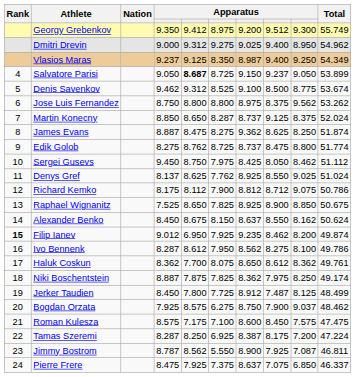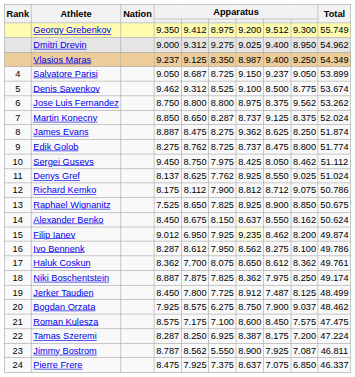 <table class="wikitable" style="font-size:90%">
 <tr>
 <th rowspan=2>Rank</th>
 <th rowspan=2>Athlete</th>
 <th rowspan=2>Nation</th>
 <th colspan =6>Apparatus</th>
 <th rowspan=2>Total</th>
 </tr>
 <tr style="font-size:95%">
 <th></th>
 <th></th>
 <th></th>
 <th></th>
 <th></th>
 <th></th>
 </tr>
 <tr align=center bgcolor=fffcaf>
 <td></td>
 <td align=left><a href='#'>Georgy Grebenkov</a></td>
 <td align=left>     </td>
 <td>9.350</td>
 <td>9.412</td>
 <td>8.975</td>
 <td>9.200</td>
 <td>9.512</td>
 <td>9.300</td>
 <td>55.749</td>
 </tr>
 <tr align=center bgcolor=e5e5e5>
 <td></td>
 <td align=left><a href='#'>Dmitri Drevin</a></td>
 <td align=left></td>
 <td>9.000</td>
 <td>9.312</td>
 <td>9.275</td>
 <td>9.025</td>
 <td>9.400</td>
 <td>8.950</td>
 <td>54.962</td>
 </tr>
 <tr align=center bgcolor=eecc99>
 <td></td>
 <td align=left><a href='#'>Vlasios Maras</a></td>
 <td align=left></td>
 <td>9.237</td>
 <td>9.125</td>
 <td>8.350</td>
 <td>8.987</td>
 <td>9.400</td>
 <td>9.250</td>
 <td>54.349</td>
 </tr>
 <tr align=center>
 <td>4</td>
 <td align=left><a href='#'>Salvatore Parisi</a></td>
 <td align=left></td>
 <td>9.050</td>
-<td><strong>8.687</strong></td>
+<td>8.687</td>
 <td>8.725</td>
 <td>9.150</td>
 <td>9.237</td>
 <td>9.050</td>
 <td>53.899</td>
 </tr>
 <tr align=center>
 <td>5</td>
 <td align=left><a href='#'>Denis Savenkov</a></td>
 <td align=left></td>
 <td>9.462</td>
 <td>9.312</td>
 <td>8.525</td>
 <td>9.100</td>
 <td>8.500</td>
 <td>8.775</td>
 <td>53.674</td>
 </tr>
 <tr align=center>
 <td>6</td>
 <td align=left><a href='#'>Jose Luis Fernandez</a></td>
 <td align=left></td>
 <td>8.750</td>
 <td>8.800</td>
 <td>8.800</td>
 <td>8.975</td>
 <td>8.375</td>
 <td>9.562</td>
 <td>53.262</td>
 </tr>
 <tr align=center>
 <td>7</td>
 <td align=left><a href='#'>Martin Konecny</a></td>
 <td align=left></td>
 <td>8.850</td>
 <td>8.650</td>
 <td>8.287</td>
 <td>8.737</td>
 <td>9.125</td>
 <td>8.375</td>
 <td>52.024</td>
 </tr>
 <tr align=center>
 <td>8</td>
 <td align=left><a href='#'>James Evans</a></td>
 <td align=left></td>
 <td>8.887</td>
 <td>8.475</td>
 <td>8.275</td>
 <td>9.362</td>
 <td>8.625</td>
 <td>8.250</td>
 <td>51.874</td>
 </tr>
 <tr align=center>
 <td>9</td>
 <td align=left><a href='#'>Edik Golob</a></td>
 <td align=left></td>
 <td>8.275</td>
 <td>8.762</td>
 <td>8.725</td>
 <td>8.737</td>
 <td>8.475</td>
 <td>8.800</td>
 <td>51.774</td>
 </tr>
 <tr align=center>
 <td>10</td>
 <td align=left><a href='#'>Sergei Gusevs</a></td>
 <td align=left></td>
 <td>9.450</td>
 <td>8.750</td>
 <td>7.975</td>
 <td>8.425</td>
 <td>8.050</td>
 <td>8.462</td>
 <td>51.112</td>
 </tr>
 <tr align=center>
 <td>11</td>
 <td align=left><a href='#'>Denys Gref</a></td>
 <td align=left></td>
 <td>8.137</td>
 <td>8.625</td>
 <td>7.762</td>
 <td>8.925</td>
 <td>8.550</td>
 <td>9.025</td>
 <td>51.024</td>
 </tr>
 <tr align=center>
 <td>12</td>
 <td align=left><a href='#'>Richard Kemko</a></td>
 <td align=left></td>
 <td>8.175</td>
 <td>8.112</td>
 <td>7.900</td>
 <td>8.812</td>
 <td>8.712</td>
 <td>9.075</td>
 <td>50.786</td>
 </tr>
 <tr align=center>
 <td>13</td>
 <td align=left><a href='#'>Raphael Wignanitz</a></td>
 <td align=left></td>
 <td>7.525</td>
 <td>8.650</td>
 <td>7.825</td>
 <td>8.925</td>
 <td>8.900</td>
 <td>8.850</td>
 <td>50.675</td>
 </tr>
 <tr align=center>
 <td>14</td>
 <td align=left><a href='#'>Alexander Benko</a></td>
 <td align=left></td>
 <td>8.450</td>
 <td>8.675</td>
 <td>8.150</td>
 <td>8.637</td>
 <td>8.550</td>
 <td>8.162</td>
 <td>50.624</td>
 </tr>
 <tr align=center>
-<td><strong>15</strong></td>
+<td>15</td>
 <td align=left><a href='#'>Filip Ianev</a></td>
 <td align=left></td>
 <td>9.012</td>
 <td>6.950</td>
 <td>7.925</td>
-<td>9.235</td>
+<td style="background: lightyellow;">9.235</td>
 <td>8.462</td>
 <td>8.200</td>
 <td>49.874</td>
 </tr>
 <tr align=center>
 <td>16</td>
 <td align=left><a href='#'>Ivo Bennenk</a></td>
 <td align=left></td>
 <td>8.287</td>
 <td>8.612</td>
 <td>7.950</td>
 <td>8.562</td>
 <td>8.275</td>
 <td>8.100</td>
 <td>49.786</td>
 </tr>
 <tr align=center>
 <td>17</td>
 <td align=left><a href='#'>Haluk Coskun</a></td>
 <td align=left></td>
 <td>8.362</td>
 <td>7.700</td>
 <td>8.075</td>
 <td>8.650</td>
 <td>8.612</td>
 <td>8.362</td>
 <td>49.761</td>
 </tr>
 <tr align=center>
 <td>18</td>
 <td align=left><a href='#'>Niki Boschentstein</a></td>
 <td align=left></td>
 <td>8.887</td>
 <td>7.875</td>
 <td>7.825</td>
 <td>8.362</td>
 <td>7.975</td>
 <td>8.250</td>
 <td>49.174</td>
 </tr>
 <tr align=center>
 <td>19</td>
 <td align=left><a href='#'>Jerker Taudien</a></td>
 <td align=left></td>
 <td>8.450</td>
 <td>7.800</td>
 <td>7.725</td>
 <td>8.912</td>
 <td>7.487</td>
 <td>8.125</td>
 <td>48.499</td>
 </tr>
 <tr align=center>
 <td>20</td>
 <td align=left><a href='#'>Bogdan Orzata</a></td>
 <td align=left></td>
 <td>7.925</td>
 <td>8.575</td>
 <td>6.275</td>
 <td>8.750</td>
 <td>7.900</td>
 <td>9.037</td>
 <td>48.462</td>
 </tr>
 <tr align=center>
 <td>21</td>
 <td align=left><a href='#'>Roman Kulesza</a></td>
 <td align=left></td>
 <td>8.575</td>
 <td>7.175</td>
 <td>7.100</td>
 <td>8.600</td>
 <td>8.450</td>
 <td>7.575</td>
 <td>47.475</td>
 </tr>
 <tr align=center>
 <td>22</td>
 <td align=left><a href='#'>Tamas Szeremi</a></td>
 <td align=left></td>
 <td>8.287</td>
 <td>8.250</td>
 <td>6.925</td>
 <td>8.387</td>
 <td>8.175</td>
 <td>7.200</td>
 <td>47.224</td>
 </tr>
 <tr align=center>
 <td>23</td>
 <td align=left><a href='#'>Jimmy Bostrom</a></td>
 <td align=left></td>
 <td>8.787</td>
 <td>8.562</td>
 <td>5.550</td>
 <td>8.900</td>
 <td>7.925</td>
 <td>7.087</td>
 <td>46.811</td>
 </tr>
 <tr align=center>
 <td>24</td>
 <td align=left><a href='#'>Pierre Frere</a></td>
 <td align=left></td>
 <td>8.475</td>
 <td>7.925</td>
 <td>7.375</td>
 <td>8.637</td>
 <td>7.075</td>
 <td>6.850</td>
 <td>46.337</td>
 </tr>
 </table>
